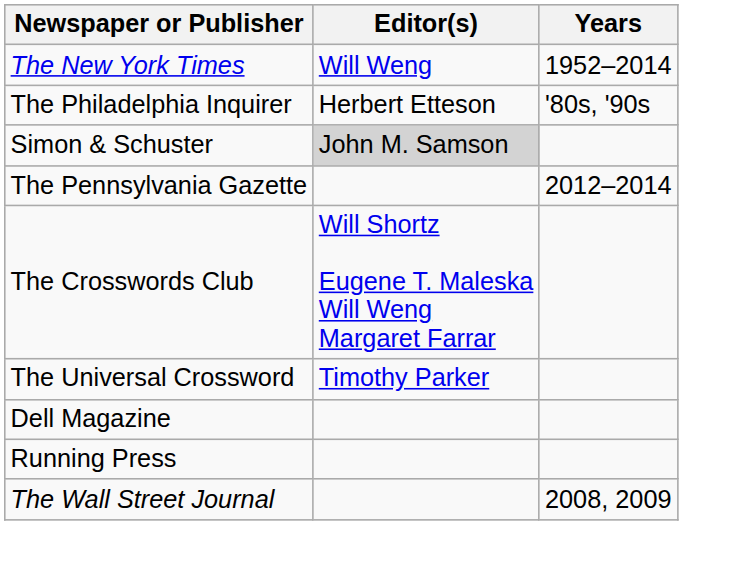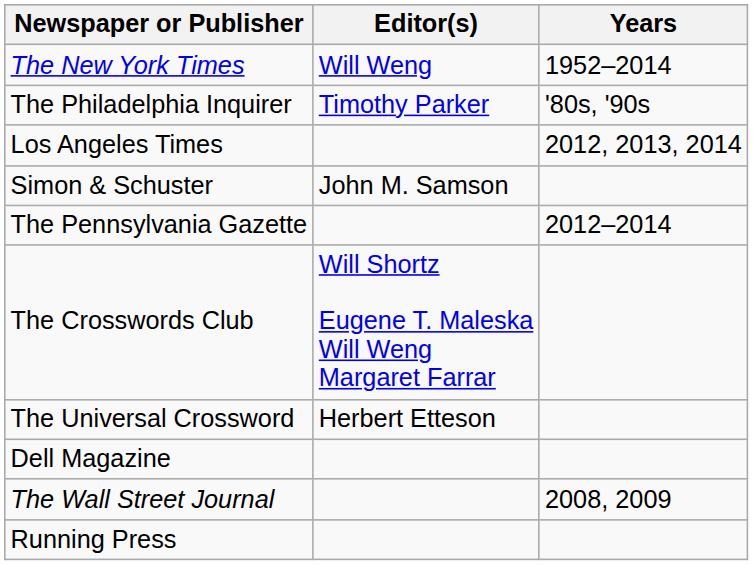 <table class="wikitable">
 <tr>
 <th>Newspaper or Publisher</th>
 <th>Editor(s)</th>
 <th>Years</th>
 </tr>
 <tr>
 <td><em><a href='#'>The New York Times</a></em></td>
 <td><a href='#'>Will Weng</a></td>
 <td>1952–2014</td>
 </tr>
 <tr>
 <td>The Philadelphia Inquirer</td>
-<td>Herbert Etteson</td>
+<td><a href='#'>Timothy Parker</a></td>
 <td>'80s, '90s</td>
 </tr>
 <tr>
+<td>Los Angeles Times</td>
+<td></td>
+<td>2012, 2013, 2014</td>
+</tr>
+<tr>
 <td>Simon & Schuster</td>
-<td style="background: lightgrey;">John M. Samson</td>
+<td>John M. Samson</td>
 <td></td>
 </tr>
 <tr>
 <td>The Pennsylvania Gazette</td>
 <td></td>
 <td>2012–2014</td>
 </tr>
 <tr>
 <td>The Crosswords Club</td>
 <td><a href='#'>Will Shortz</a> <br><br><a href='#'>Eugene T. Maleska</a><br> <a href='#'>Will Weng</a> <br> <a href='#'>Margaret Farrar</a></td>
 <td></td>
 </tr>
 <tr>
 <td>The Universal Crossword</td>
-<td><a href='#'>Timothy Parker</a></td>
+<td>Herbert Etteson</td>
 <td></td>
 </tr>
 <tr>
 <td>Dell Magazine</td>
 <td></td>
 <td></td>
 </tr>
 <tr>
+<td><em>The Wall Street Journal</em></td>
+<td></td>
+<td>2008, 2009</td>
+</tr>
+<tr>
 <td>Running Press</td>
 <td></td>
 <td></td>
 </tr>
-<tr>
-<td><em>The Wall Street Journal</em></td>
-<td></td>
-<td>2008, 2009</td>
-</tr>
 </table>
